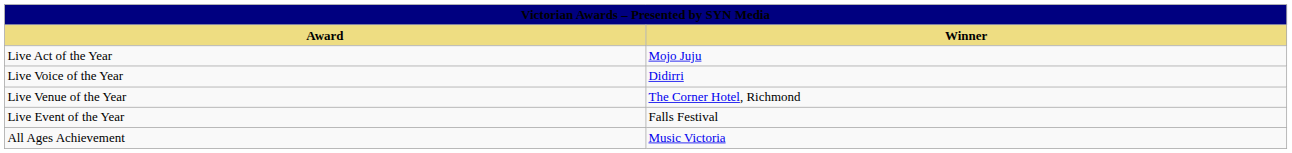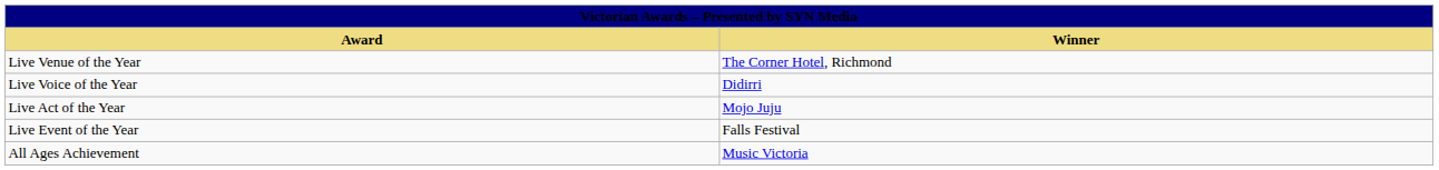 <table class="wikitable" width=100%>
 <tr>
 <th colspan="2" ! style="width:15%;background:navy">Victorian Awards – Presented by SYN Media</th>
 </tr>
 <tr>
 <th style="width:10%;background:#EEDD82;">Award</th>
 <th style="width:10%;background:#EEDD82;">Winner</th>
 </tr>
 <tr>
-<td>Live Act of the Year</td>
-<td><a href='#'>Mojo Juju</a></td>
+<td>Live Venue of the Year</td>
+<td><a href='#'>The Corner Hotel</a>, Richmond</td>
 </tr>
 <tr>
 <td>Live Voice of the Year</td>
 <td><a href='#'>Didirri</a></td>
 </tr>
 <tr>
-<td>Live Venue of the Year</td>
-<td><a href='#'>The Corner Hotel</a>, Richmond</td>
+<td>Live Act of the Year</td>
+<td><a href='#'>Mojo Juju</a></td>
 </tr>
 <tr>
 <td>Live Event of the Year</td>
 <td>Falls Festival</td>
 </tr>
 <tr>
 <td>All Ages Achievement</td>
 <td><a href='#'>Music Victoria</a></td>
 </tr>
 </table>
